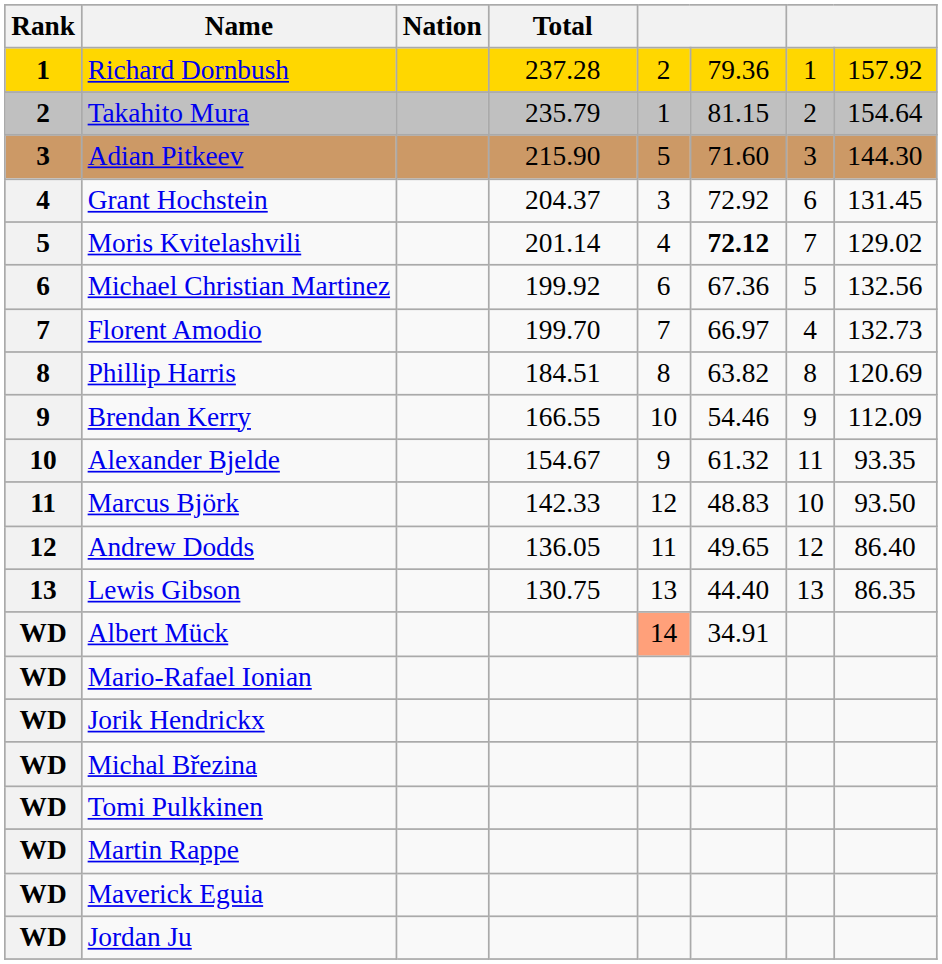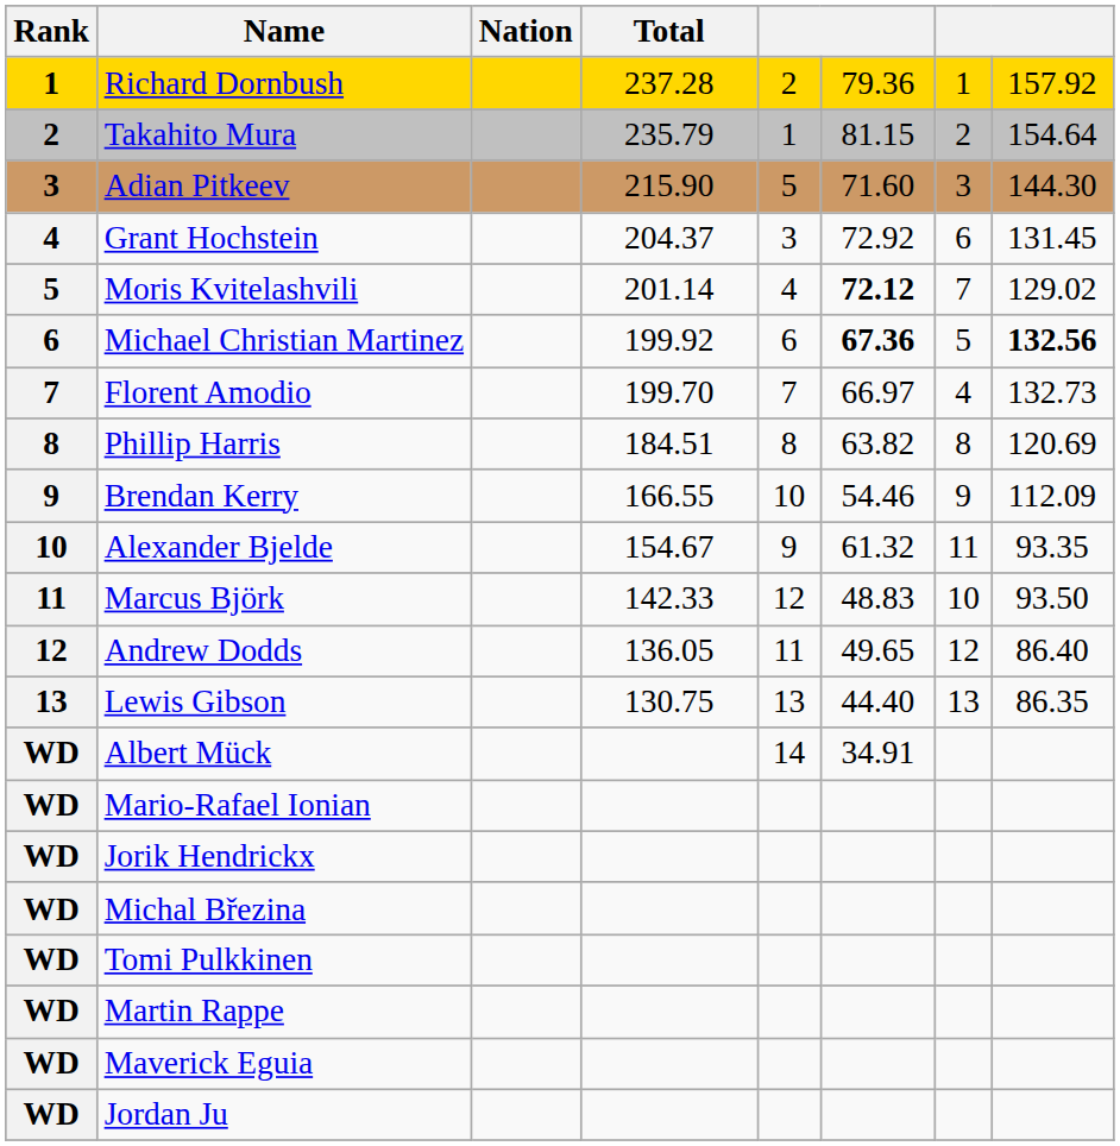 <table class="wikitable sortable">
 <tr>
 <th>Rank</th>
 <th>Name</th>
 <th>Nation</th>
 <th width="80px">Total</th>
 <th colspan="2" width="80px"></th>
 <th colspan="2" width="80px"></th>
 </tr>
 <tr bgcolor="gold">
 <td align="center"><strong>1</strong></td>
 <td><a href='#'>Richard Dornbush</a></td>
 <td></td>
 <td align="center">237.28</td>
 <td align="center">2</td>
 <td align="center">79.36</td>
 <td align="center">1</td>
 <td align="center">157.92</td>
 </tr>
 <tr bgcolor="silver">
 <td align="center"><strong>2</strong></td>
 <td><a href='#'>Takahito Mura</a></td>
 <td></td>
 <td align="center">235.79</td>
 <td align="center">1</td>
 <td align="center">81.15</td>
 <td align="center">2</td>
 <td align="center">154.64</td>
 </tr>
 <tr bgcolor="cc9966">
 <td align="center"><strong>3</strong></td>
 <td><a href='#'>Adian Pitkeev</a></td>
 <td></td>
 <td align="center">215.90</td>
 <td align="center">5</td>
 <td align="center">71.60</td>
 <td align="center">3</td>
 <td align="center">144.30</td>
 </tr>
 <tr>
 <th>4</th>
 <td><a href='#'>Grant Hochstein</a></td>
 <td></td>
 <td align="center">204.37</td>
 <td align="center">3</td>
 <td align="center">72.92</td>
 <td align="center">6</td>
 <td align="center">131.45</td>
 </tr>
 <tr>
 <th>5</th>
 <td><a href='#'>Moris Kvitelashvili</a></td>
 <td></td>
 <td align="center">201.14</td>
 <td align="center">4</td>
 <td align="center"><strong>72.12</strong></td>
 <td align="center">7</td>
 <td align="center">129.02</td>
 </tr>
 <tr>
 <th>6</th>
 <td><a href='#'>Michael Christian Martinez</a></td>
 <td></td>
 <td align="center">199.92</td>
 <td align="center">6</td>
-<td align="center">67.36</td>
+<td align="center"><strong>67.36</strong></td>
 <td align="center">5</td>
-<td align="center">132.56</td>
+<td align="center"><strong>132.56</strong></td>
 </tr>
 <tr>
 <th>7</th>
 <td><a href='#'>Florent Amodio</a></td>
 <td></td>
 <td align="center">199.70</td>
 <td align="center">7</td>
 <td align="center">66.97</td>
 <td align="center">4</td>
 <td align="center">132.73</td>
 </tr>
 <tr>
 <th>8</th>
 <td><a href='#'>Phillip Harris</a></td>
 <td></td>
 <td align="center">184.51</td>
 <td align="center">8</td>
 <td align="center">63.82</td>
 <td align="center">8</td>
 <td align="center">120.69</td>
 </tr>
 <tr>
 <th>9</th>
 <td><a href='#'>Brendan Kerry</a></td>
 <td></td>
 <td align="center">166.55</td>
 <td align="center">10</td>
 <td align="center">54.46</td>
 <td align="center">9</td>
 <td align="center">112.09</td>
 </tr>
 <tr>
 <th>10</th>
 <td><a href='#'>Alexander Bjelde</a></td>
 <td></td>
 <td align="center">154.67</td>
 <td align="center">9</td>
 <td align="center">61.32</td>
 <td align="center">11</td>
 <td align="center">93.35</td>
 </tr>
 <tr>
 <th>11</th>
 <td><a href='#'>Marcus Björk</a></td>
 <td></td>
 <td align="center">142.33</td>
 <td align="center">12</td>
 <td align="center">48.83</td>
 <td align="center">10</td>
 <td align="center">93.50</td>
 </tr>
 <tr>
 <th>12</th>
 <td><a href='#'>Andrew Dodds</a></td>
 <td></td>
 <td align="center">136.05</td>
 <td align="center">11</td>
 <td align="center">49.65</td>
 <td align="center">12</td>
 <td align="center">86.40</td>
 </tr>
 <tr>
 <th>13</th>
 <td><a href='#'>Lewis Gibson</a></td>
 <td></td>
 <td align="center">130.75</td>
 <td align="center">13</td>
 <td align="center">44.40</td>
 <td align="center">13</td>
 <td align="center">86.35</td>
 </tr>
 <tr>
 <th>WD</th>
 <td><a href='#'>Albert Mück</a></td>
 <td></td>
 <td align="center"></td>
-<td align="center" style="background: lightsalmon;">14</td>
+<td align="center">14</td>
 <td align="center">34.91</td>
 <td align="center"></td>
 <td align="center"></td>
 </tr>
 <tr>
 <th>WD</th>
 <td><a href='#'>Mario-Rafael Ionian</a></td>
 <td></td>
 <td align="center"></td>
 <td align="center"></td>
 <td align="center"></td>
 <td align="center"></td>
 <td align="center"></td>
 </tr>
 <tr>
 <th>WD</th>
 <td><a href='#'>Jorik Hendrickx</a></td>
 <td></td>
 <td align="center"></td>
 <td align="center"></td>
 <td align="center"></td>
 <td align="center"></td>
 <td align="center"></td>
 </tr>
 <tr>
 <th>WD</th>
 <td><a href='#'>Michal Březina</a></td>
 <td></td>
 <td align="center"></td>
 <td align="center"></td>
 <td align="center"></td>
 <td align="center"></td>
 <td align="center"></td>
 </tr>
 <tr>
 <th>WD</th>
 <td><a href='#'>Tomi Pulkkinen</a></td>
 <td></td>
 <td align="center"></td>
 <td align="center"></td>
 <td align="center"></td>
 <td align="center"></td>
 <td align="center"></td>
 </tr>
 <tr>
 <th>WD</th>
 <td><a href='#'>Martin Rappe</a></td>
 <td></td>
 <td align="center"></td>
 <td align="center"></td>
 <td align="center"></td>
 <td align="center"></td>
 <td align="center"></td>
 </tr>
 <tr>
 <th>WD</th>
 <td><a href='#'>Maverick Eguia</a></td>
 <td></td>
 <td align="center"></td>
 <td align="center"></td>
 <td align="center"></td>
 <td align="center"></td>
 <td align="center"></td>
 </tr>
 <tr>
 <th>WD</th>
 <td><a href='#'>Jordan Ju</a></td>
 <td></td>
 <td align="center"></td>
 <td align="center"></td>
 <td align="center"></td>
 <td align="center"></td>
 <td align="center"></td>
 </tr>
 </table>
